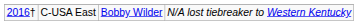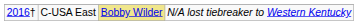 <table class="wikitable">
 <tr>
 </tr>
 <tr>
 <td><a href='#'>2016</a>†</td>
 <td>C-USA East</td>
-<td><a href='#'>Bobby Wilder</a></td>
+<td style="background: khaki;"><a href='#'>Bobby Wilder</a></td>
 <td colspan="2"><em>N/A lost tiebreaker to <a href='#'>Western Kentucky</a></em></td>
 </tr>
 </table>
